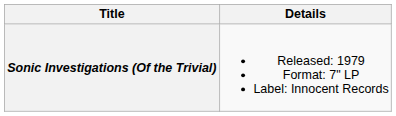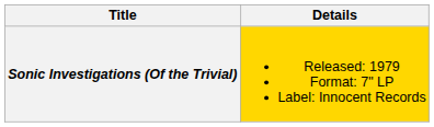 <table class="wikitable plainrowheaders" style="text-align:center;" border="1">
 <tr>
 <th>Title</th>
 <th>Details</th>
 </tr>
 <tr>
 <th scope="row"><em>Sonic Investigations (Of the Trivial)</em></th>
-<td><br><ul><li>Released: 1979</li><li>Format: 7" LP</li><li>Label: Innocent Records</li></ul></td>
+<td style="background: gold;"><br><ul><li>Released: 1979</li><li>Format: 7" LP</li><li>Label: Innocent Records</li></ul></td>
 </tr>
 </table>
